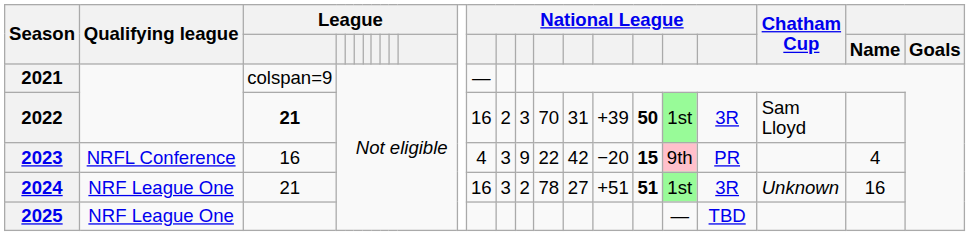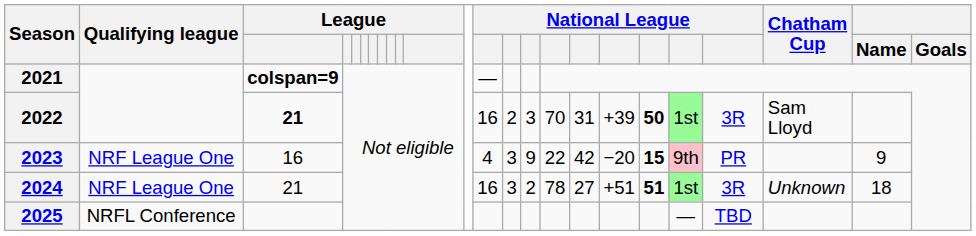 <table class="wikitable" style="font-size:90%; text-align:center;">
 <tr>
 <th rowspan=2>Season</th>
 <th rowspan=2>Qualifying league</th>
 <th colspan=9>League</th>
 <th style="background:white" rowspan=8></th>
 <th colspan=9><a href='#'>National League</a></th>
 <th rowspan=2 width=40px><a href='#'>Chatham<br>Cup</a></th>
 <th colspan=2></th>
 </tr>
 <tr>
 <th></th>
 <th></th>
 <th></th>
 <th></th>
 <th></th>
 <th></th>
 <th></th>
 <th></th>
 <th width=40px></th>
 <th></th>
 <th></th>
 <th></th>
 <th></th>
 <th></th>
 <th></th>
 <th></th>
 <th></th>
 <th width=40px></th>
 <th>Name</th>
 <th>Goals</th>
 </tr>
 <tr>
 <th>2021</th>
 <td rowspan=2></td>
-<td>colspan=9 </td>
+<td><strong>colspan=9 </strong></td>
 <td colspan=9 rowspan=15><em>Not eligible</em></td>
 <td>—</td>
 <td></td>
 <td></td>
 </tr>
 <tr>
 <th>2022</th>
 <td><strong>21</strong></td>
 <td>16</td>
 <td>2</td>
 <td>3</td>
 <td>70</td>
 <td>31</td>
 <td>+39</td>
 <td><strong>50</strong></td>
 <td bgcolor="palegreen">1st</td>
 <td><a href='#'>3R</a></td>
 <td style=text-align:left> Sam Lloyd</td>
 <td></td>
 </tr>
 <tr>
 <th><a href='#'>2023</a></th>
-<td><a href='#'>NRFL Conference</a></td>
+<td><a href='#'>NRF League One</a></td>
 <td>16</td>
 <td>4</td>
 <td>3</td>
 <td>9</td>
 <td>22</td>
 <td>42</td>
 <td>−20</td>
 <td><strong>15</strong></td>
 <td bgcolor="pink">9th</td>
 <td><a href='#'>PR</a></td>
 <td style=text-align:left></td>
-<td>4</td>
+<td>9</td>
 </tr>
 <tr>
 <th><a href='#'>2024</a></th>
 <td><a href='#'>NRF League One</a></td>
 <td>21</td>
 <td>16</td>
 <td>3</td>
 <td>2</td>
 <td>78</td>
 <td>27</td>
 <td>+51</td>
 <td><strong>51</strong></td>
 <td bgcolor="palegreen">1st</td>
 <td><a href='#'>3R</a></td>
 <td style=text-align:left><em>Unknown</em></td>
-<td>16</td>
+<td>18</td>
 </tr>
 <tr>
 <th><a href='#'>2025</a></th>
-<td><a href='#'>NRF League One</a></td>
+<td>NRFL Conference</td>
 <td></td>
 <td></td>
 <td></td>
 <td></td>
 <td></td>
 <td></td>
 <td></td>
 <td></td>
 <td>—</td>
 <td><a href='#'>TBD</a></td>
 <td style=text-align:left></td>
 <td></td>
 </tr>
 </table>
